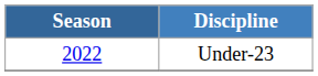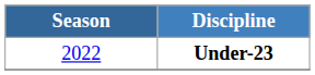 <table class="wikitable" style="font-size:95%; text-align:center; border:grey solid 1px; border-collapse:collapse; background:#ffffff;">
 <tr style="background-color:#369; color:white;">
 <td rowspan="2" colspan="1" style="width:110px"><strong>Season</strong></td>
 </tr>
 <tr style="background-color:#4180be; color:white;">
 <td style="width:110px"><strong>Discipline</strong></td>
 </tr>
 <tr>
 <td align=center><a href='#'>2022</a></td>
-<td align=center>Under-23</td>
+<td align=center><strong>Under-23</strong></td>
 </tr>
 <tr>
 </tr>
 </table>
